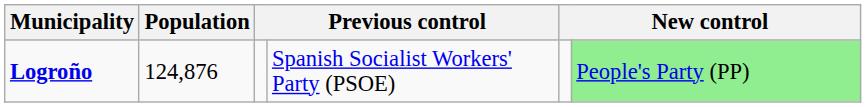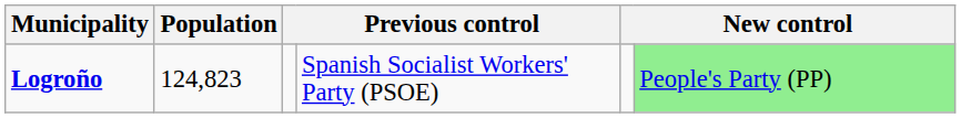 <table class="wikitable sortable">
 <tr>
 <th>Municipality</th>
 <th>Population</th>
 <th colspan="2" style="width:375px;">Previous control</th>
 <th colspan="2" style="width:375px;">New control</th>
 </tr>
 <tr>
 <td><strong><a href='#'>Logroño</a></strong></td>
-<td>124,876</td>
+<td>124,823</td>
 <td width="1" style="color:inherit;background:"></td>
 <td><a href='#'>Spanish Socialist Workers' Party</a> (PSOE)</td>
 <td width="1" style="color:inherit;background:"></td>
 <td align="left" style="background: lightgreen;"><a href='#'>People's Party</a> (PP)</td>
 </tr>
 </table>
